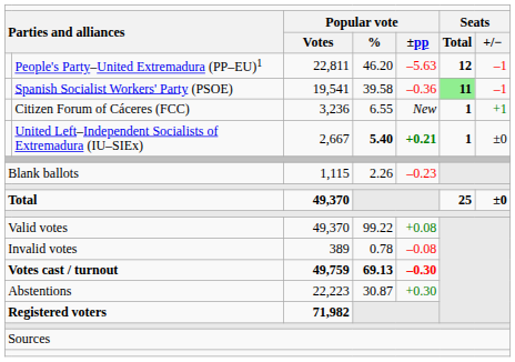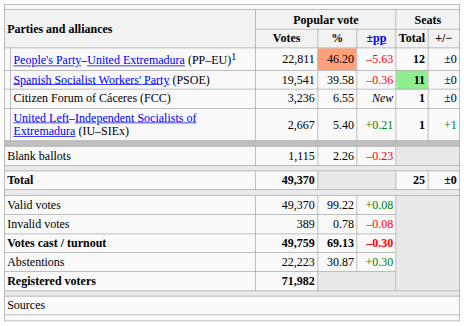 <table class="wikitable" style="text-align:right;">
 <tr>
 <td colspan="7"></td>
 </tr>
 <tr>
 <th style="text-align:left;" rowspan="2" colspan="2" width="525">Parties and alliances</th>
 <th colspan="3">Popular vote</th>
 <th colspan="2">Seats</th>
 </tr>
 <tr>
 <th width="75">Votes</th>
 <th width="45">%</th>
 <th width="45">±<a href='#'>pp</a></th>
 <th width="35">Total</th>
 <th width="35">+/−</th>
 </tr>
 <tr>
 <td width="1" style="color:inherit;background:"></td>
 <td align="left"><a href='#'>People's Party</a>–<a href='#'>United Extremadura</a> (PP–EU)<sup>1</sup></td>
 <td>22,811</td>
-<td>46.20</td>
+<td style="background: lightsalmon;">46.20</td>
 <td style="color:red;">–5.63</td>
 <td><strong>12</strong></td>
-<td style="color:red;">–1</td>
+<td>±0</td>
 </tr>
 <tr>
 <td style="color:inherit;background:"></td>
 <td align="left"><a href='#'>Spanish Socialist Workers' Party</a> (PSOE)</td>
 <td>19,541</td>
 <td>39.58</td>
 <td style="color:red;">–0.36</td>
 <td style="background: lightgreen;"><strong>11</strong></td>
-<td style="color:red;">–1</td>
+<td>±0</td>
 </tr>
 <tr>
 <td style="color:inherit;background:"></td>
 <td align="left">Citizen Forum of Cáceres (FCC)</td>
 <td>3,236</td>
 <td>6.55</td>
 <td><em>New</em></td>
 <td><strong>1</strong></td>
-<td style="color:green;">+1</td>
+<td>±0</td>
 </tr>
 <tr>
 <td style="color:inherit;background:"></td>
 <td align="left"><a href='#'>United Left</a>–<a href='#'>Independent Socialists of Extremadura</a> (IU–SIEx)</td>
 <td>2,667</td>
-<td><strong>5.40</strong></td>
-<td style="color:green;"><strong>+0.21</strong></td>
+<td>5.40</td>
+<td style="color:green;">+0.21</td>
 <td><strong>1</strong></td>
-<td>±0</td>
+<td style="color:green;">+1</td>
 </tr>
 <tr>
 <td colspan="7" bgcolor="#C0C0C0"></td>
 </tr>
 <tr>
 <td align="left" colspan="2">Blank ballots</td>
 <td>1,115</td>
 <td>2.26</td>
 <td style="color:red;">–0.23</td>
 <td bgcolor="#E9E9E9" colspan="2"></td>
 </tr>
 <tr>
 <td colspan="7" bgcolor="#E9E9E9"></td>
 </tr>
 <tr style="font-weight:bold;">
 <td align="left" colspan="2">Total</td>
 <td>49,370</td>
 <td bgcolor="#E9E9E9" colspan="2"></td>
 <td>25</td>
 <td>±0</td>
 </tr>
 <tr>
 <td colspan="7" bgcolor="#E9E9E9"></td>
 </tr>
 <tr>
 <td align="left" colspan="2">Valid votes</td>
 <td>49,370</td>
 <td>99.22</td>
 <td style="color:green;">+0.08</td>
 <td bgcolor="#E9E9E9" colspan="2" rowspan="5"></td>
 </tr>
 <tr>
 <td align="left" colspan="2">Invalid votes</td>
 <td>389</td>
 <td>0.78</td>
 <td style="color:red;">–0.08</td>
 </tr>
 <tr style="font-weight:bold;">
 <td align="left" colspan="2">Votes cast / turnout</td>
 <td>49,759</td>
 <td>69.13</td>
 <td style="color:red;">–0.30</td>
 </tr>
 <tr>
 <td align="left" colspan="2">Abstentions</td>
 <td>22,223</td>
 <td>30.87</td>
 <td style="color:green;">+0.30</td>
 </tr>
 <tr style="font-weight:bold;">
 <td align="left" colspan="2">Registered voters</td>
 <td>71,982</td>
 <td bgcolor="#E9E9E9" colspan="2"></td>
 </tr>
 <tr>
 <td colspan="7" bgcolor="#E9E9E9"></td>
 </tr>
 <tr>
 <td align="left" colspan="7">Sources</td>
 </tr>
 <tr>
 <td colspan="7" style="text-align:left; max-width:790px;"></td>
 </tr>
 </table>
